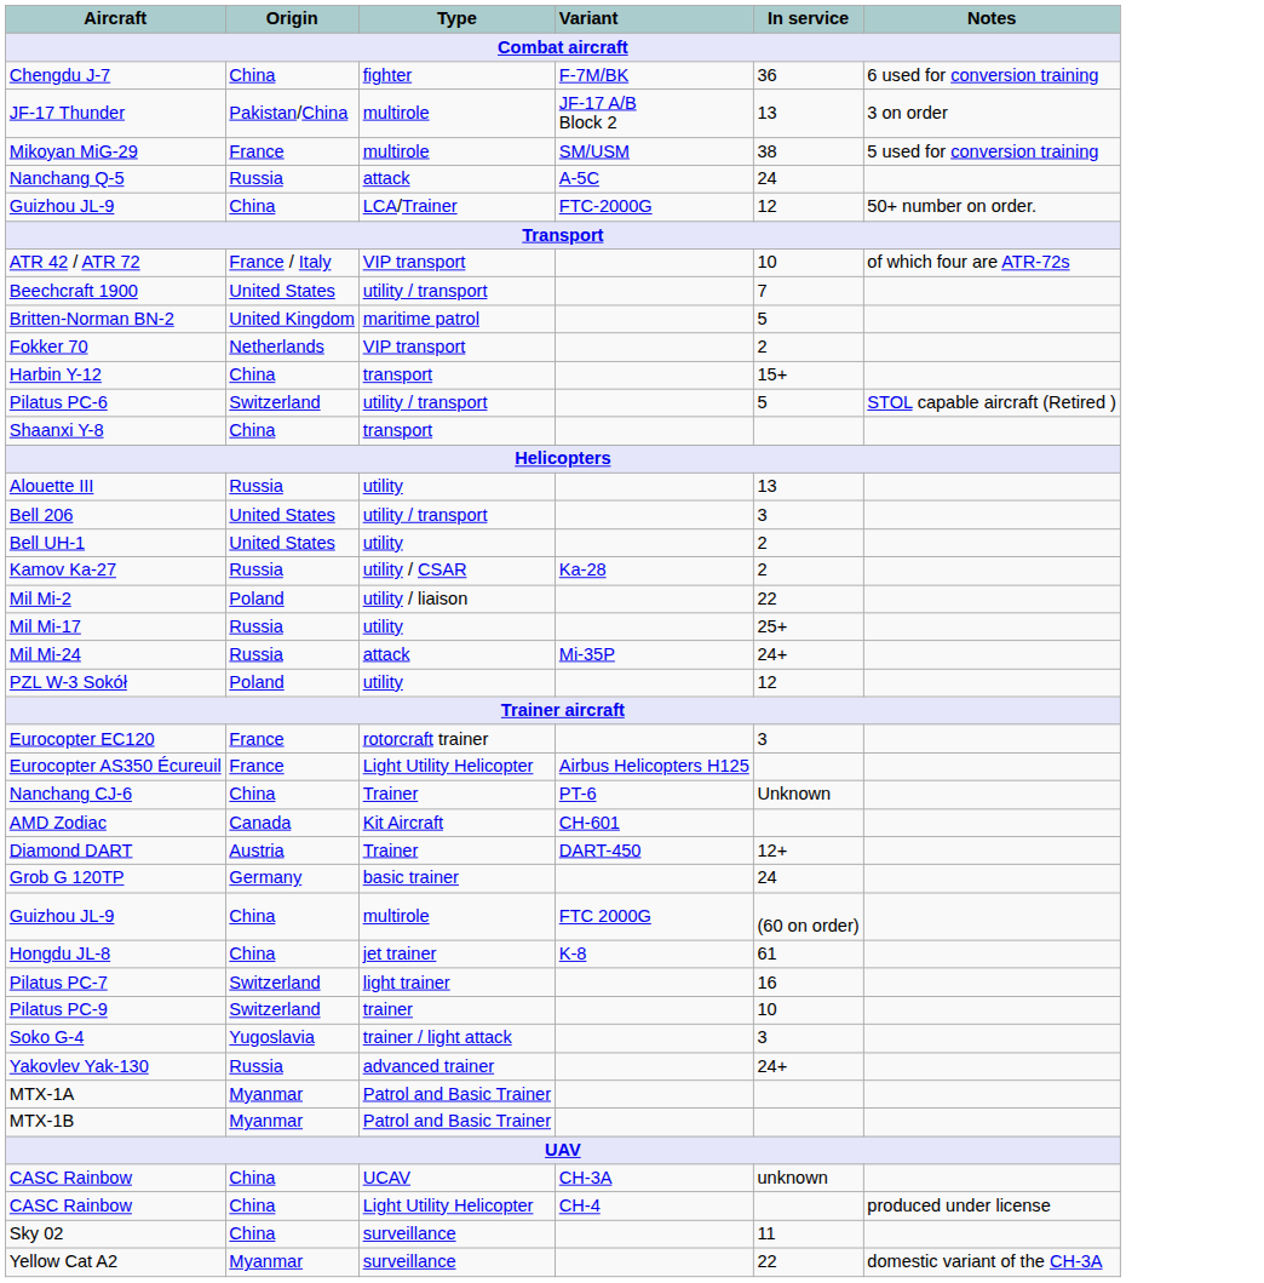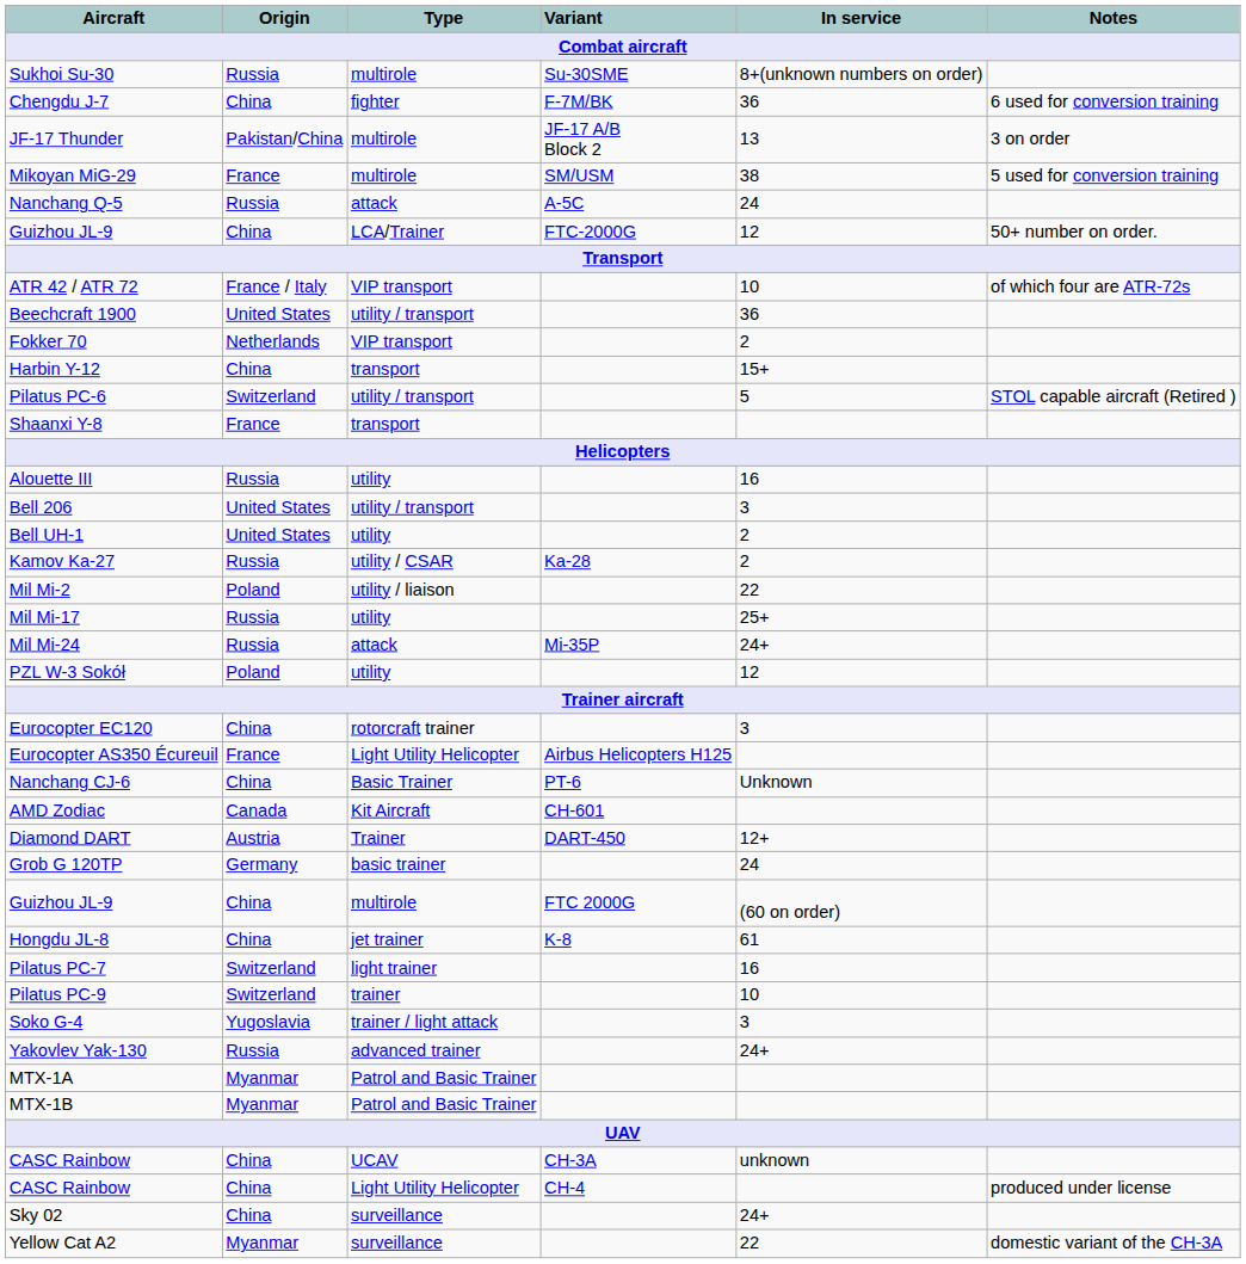 <table class="wikitable">
 <tr>
 <th style="text-align:center; background:#acc;">Aircraft</th>
 <th style="text-align: center; background:#acc;">Origin</th>
 <th style="text-align:l center; background:#acc;">Type</th>
 <th style="text-align:left; background:#acc;">Variant</th>
 <th style="text-align:center; background:#acc;">In service</th>
 <th style="text-align: center; background:#acc;">Notes</th>
 </tr>
 <tr>
 <th style="align: center; background: lavender;" colspan="6"><a href='#'>Combat aircraft</a></th>
+</tr>
+<tr>
+<td><a href='#'>Sukhoi Su-30</a></td>
+<td><a href='#'>Russia</a></td>
+<td><a href='#'>multirole</a></td>
+<td><a href='#'>Su-30SME</a></td>
+<td>8+(unknown numbers on order)</td>
+<td></td>
 </tr>
 <tr>
 <td><a href='#'>Chengdu J-7</a></td>
 <td><a href='#'>China</a></td>
 <td><a href='#'>fighter</a></td>
 <td><a href='#'>F-7M/BK</a></td>
 <td>36</td>
 <td>6 used for <a href='#'>conversion training</a></td>
 </tr>
 <tr>
 <td><a href='#'>JF-17 Thunder</a></td>
 <td><a href='#'>Pakistan</a>/<a href='#'>China</a></td>
 <td><a href='#'>multirole</a></td>
 <td><a href='#'>JF-17 A/B</a><br>Block 2</td>
 <td>13</td>
 <td>3 on order</td>
 </tr>
 <tr>
 <td><a href='#'>Mikoyan MiG-29</a></td>
 <td><a href='#'>France</a></td>
 <td><a href='#'>multirole</a></td>
 <td><a href='#'>SM/USM</a></td>
 <td>38</td>
 <td>5 used for <a href='#'>conversion training</a></td>
 </tr>
 <tr>
 <td><a href='#'>Nanchang Q-5</a></td>
 <td><a href='#'>Russia</a></td>
 <td><a href='#'>attack</a></td>
 <td><a href='#'>A-5C</a></td>
 <td>24</td>
 <td></td>
 </tr>
 <tr>
 <td><a href='#'>Guizhou JL-9</a></td>
 <td><a href='#'>China</a></td>
 <td><a href='#'>LCA</a>/<a href='#'>Trainer</a></td>
 <td><a href='#'>FTC-2000G</a></td>
 <td>12</td>
 <td>50+ number on order.</td>
 </tr>
 <tr>
 <th style="align: center; background: lavender;" colspan="6"><a href='#'>Transport</a></th>
 </tr>
 <tr>
 <td><a href='#'>ATR 42</a> / <a href='#'>ATR 72</a></td>
 <td><a href='#'>France</a> / <a href='#'>Italy</a></td>
 <td><a href='#'>VIP transport</a></td>
 <td></td>
 <td>10</td>
 <td>of which four are <a href='#'>ATR-72s</a></td>
 </tr>
 <tr>
 <td><a href='#'>Beechcraft 1900</a></td>
 <td><a href='#'>United States</a></td>
 <td><a href='#'>utility / transport</a></td>
 <td></td>
-<td>7</td>
-<td></td>
-</tr>
-<tr>
-<td><a href='#'>Britten-Norman BN-2</a></td>
-<td><a href='#'>United Kingdom</a></td>
-<td><a href='#'>maritime patrol</a></td>
-<td></td>
-<td>5</td>
+<td>36</td>
 <td></td>
 </tr>
 <tr>
 <td><a href='#'>Fokker 70</a></td>
 <td><a href='#'>Netherlands</a></td>
 <td><a href='#'>VIP transport</a></td>
 <td></td>
 <td>2</td>
 <td></td>
 </tr>
 <tr>
 <td><a href='#'>Harbin Y-12</a></td>
 <td><a href='#'>China</a></td>
 <td><a href='#'>transport</a></td>
 <td></td>
 <td>15+</td>
 <td></td>
 </tr>
 <tr>
 <td><a href='#'>Pilatus PC-6</a></td>
 <td><a href='#'>Switzerland</a></td>
 <td><a href='#'>utility / transport</a></td>
 <td></td>
 <td>5</td>
 <td><a href='#'>STOL</a> capable aircraft (Retired )</td>
 </tr>
 <tr>
 <td><a href='#'>Shaanxi Y-8</a></td>
-<td><a href='#'>China</a></td>
+<td><a href='#'>France</a></td>
 <td><a href='#'>transport</a></td>
 <td></td>
 <td></td>
 <td></td>
 </tr>
 <tr>
 <th style="align: center; background: lavender;" colspan="6"><a href='#'>Helicopters</a></th>
 </tr>
 <tr>
 <td><a href='#'>Alouette III</a></td>
 <td><a href='#'>Russia</a></td>
 <td><a href='#'>utility</a></td>
 <td></td>
-<td>13</td>
+<td>16</td>
 <td></td>
 </tr>
 <tr>
 <td><a href='#'>Bell 206</a></td>
 <td><a href='#'>United States</a></td>
 <td><a href='#'>utility / transport</a></td>
 <td></td>
 <td>3</td>
 <td></td>
 </tr>
 <tr>
 <td><a href='#'>Bell UH-1</a></td>
 <td><a href='#'>United States</a></td>
 <td><a href='#'>utility</a></td>
 <td></td>
 <td>2</td>
 </tr>
 <tr>
 <td><a href='#'>Kamov Ka-27</a></td>
 <td><a href='#'>Russia</a></td>
 <td><a href='#'>utility</a> / <a href='#'>CSAR</a></td>
 <td><a href='#'>Ka-28</a></td>
 <td>2</td>
 <td></td>
 </tr>
 <tr>
 <td><a href='#'>Mil Mi-2</a></td>
 <td><a href='#'>Poland</a></td>
 <td><a href='#'>utility</a> / liaison</td>
 <td></td>
 <td>22</td>
 <td></td>
 </tr>
 <tr>
 <td><a href='#'>Mil Mi-17</a></td>
 <td><a href='#'>Russia</a></td>
 <td><a href='#'>utility</a></td>
 <td></td>
 <td>25+ </td>
 <td></td>
 </tr>
 <tr>
 <td><a href='#'>Mil Mi-24</a></td>
 <td><a href='#'>Russia</a></td>
 <td><a href='#'>attack</a></td>
 <td><a href='#'>Mi-35P</a></td>
 <td>24+</td>
 <td></td>
 </tr>
 <tr>
 <td><a href='#'>PZL W-3 Sokół</a></td>
 <td><a href='#'>Poland</a></td>
 <td><a href='#'>utility</a></td>
 <td></td>
 <td>12</td>
 <td></td>
 </tr>
 <tr>
 <th style="align: center; background: lavender;" colspan="6"><a href='#'>Trainer aircraft</a></th>
 </tr>
 <tr>
 <td><a href='#'>Eurocopter EC120</a></td>
-<td><a href='#'>France</a></td>
+<td><a href='#'>China</a></td>
 <td><a href='#'>rotorcraft</a> trainer</td>
 <td></td>
 <td>3</td>
 <td></td>
 </tr>
 <tr>
 <td><a href='#'>Eurocopter AS350 Écureuil</a></td>
 <td><a href='#'>France</a></td>
 <td><a href='#'>Light Utility Helicopter</a></td>
 <td><a href='#'>Airbus Helicopters H125</a></td>
 <td></td>
 <td></td>
 </tr>
 <tr>
 <td><a href='#'>Nanchang CJ-6</a></td>
 <td><a href='#'>China</a></td>
-<td><a href='#'>Trainer</a></td>
+<td><a href='#'>Basic Trainer</a></td>
 <td><a href='#'>PT-6</a></td>
 <td>Unknown </td>
 <td></td>
 </tr>
 <tr>
 <td><a href='#'>AMD Zodiac</a></td>
 <td><a href='#'>Canada</a></td>
 <td><a href='#'>Kit Aircraft</a></td>
 <td><a href='#'>CH-601</a></td>
 <td></td>
 <td></td>
 </tr>
 <tr>
 <td><a href='#'>Diamond DART</a></td>
 <td><a href='#'>Austria</a></td>
 <td><a href='#'>Trainer</a></td>
 <td><a href='#'>DART-450</a></td>
 <td>12+</td>
 <td></td>
 </tr>
 <tr>
 <td><a href='#'>Grob G 120TP</a></td>
 <td><a href='#'>Germany</a></td>
 <td><a href='#'>basic trainer</a></td>
 <td></td>
 <td>24</td>
 <td></td>
 </tr>
 <tr>
 <td><a href='#'>Guizhou JL-9</a></td>
 <td><a href='#'>China</a></td>
 <td><a href='#'>multirole</a></td>
 <td><a href='#'>FTC 2000G</a></td>
 <td><br>(60 on order)</td>
 <td></td>
 </tr>
 <tr>
 <td><a href='#'>Hongdu JL-8</a></td>
 <td><a href='#'>China</a></td>
 <td><a href='#'>jet trainer</a></td>
 <td><a href='#'>K-8</a></td>
 <td>61</td>
 <td></td>
 </tr>
 <tr>
 <td><a href='#'>Pilatus PC-7</a></td>
 <td><a href='#'>Switzerland</a></td>
 <td><a href='#'>light trainer</a></td>
 <td></td>
 <td>16</td>
 <td></td>
 </tr>
 <tr>
 <td><a href='#'>Pilatus PC-9</a></td>
 <td><a href='#'>Switzerland</a></td>
 <td><a href='#'>trainer</a></td>
 <td></td>
 <td>10</td>
 <td></td>
 </tr>
 <tr>
 <td><a href='#'>Soko G-4</a></td>
 <td><a href='#'>Yugoslavia</a></td>
 <td><a href='#'>trainer / light attack</a></td>
 <td></td>
 <td>3</td>
 <td></td>
 </tr>
 <tr>
 <td><a href='#'>Yakovlev Yak-130</a></td>
 <td><a href='#'>Russia</a></td>
 <td><a href='#'>advanced trainer</a></td>
 <td></td>
 <td>24+</td>
 <td></td>
 </tr>
 <tr>
 <td>MTX-1A</td>
 <td><a href='#'>Myanmar</a></td>
 <td><a href='#'>Patrol and Basic Trainer</a></td>
 <td></td>
 <td></td>
 <td></td>
 </tr>
 <tr>
 <td>MTX-1B</td>
 <td><a href='#'>Myanmar</a></td>
 <td><a href='#'>Patrol and Basic Trainer</a></td>
 <td></td>
 <td></td>
 <td></td>
 </tr>
 <tr>
 <th style="align: center; background: lavender;" colspan="6"><a href='#'>UAV</a></th>
 </tr>
 <tr>
 <td><a href='#'>CASC Rainbow</a></td>
 <td><a href='#'>China</a></td>
 <td><a href='#'>UCAV</a></td>
 <td><a href='#'>CH-3A</a></td>
 <td>unknown</td>
 <td></td>
 </tr>
 <tr>
 <td><a href='#'>CASC Rainbow</a></td>
 <td><a href='#'>China</a></td>
 <td><a href='#'>Light Utility Helicopter</a></td>
 <td><a href='#'>CH-4</a></td>
 <td></td>
 <td>produced under license</td>
 </tr>
 <tr>
 <td>Sky 02</td>
 <td><a href='#'>China</a></td>
 <td><a href='#'>surveillance</a></td>
 <td></td>
-<td>11</td>
+<td>24+</td>
 <td></td>
 </tr>
 <tr>
 <td>Yellow Cat A2</td>
 <td><a href='#'>Myanmar</a></td>
 <td><a href='#'>surveillance</a></td>
 <td></td>
 <td>22</td>
 <td>domestic variant of the <a href='#'>CH-3A</a></td>
 </tr>
 </table>
